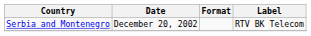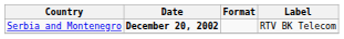 <table class="wikitable plainrowheaders">
 <tr>
 <th scope="col">Country</th>
 <th scope="col">Date</th>
 <th scope="col">Format</th>
 <th scope="col">Label</th>
 </tr>
 <tr>
 <td><a href='#'>Serbia and Montenegro</a></td>
-<td>December 20, 2002</td>
+<td><strong>December 20, 2002</strong></td>
 <td></td>
 <td>RTV BK Telecom</td>
 </tr>
 <tr>
 </tr>
 </table>
